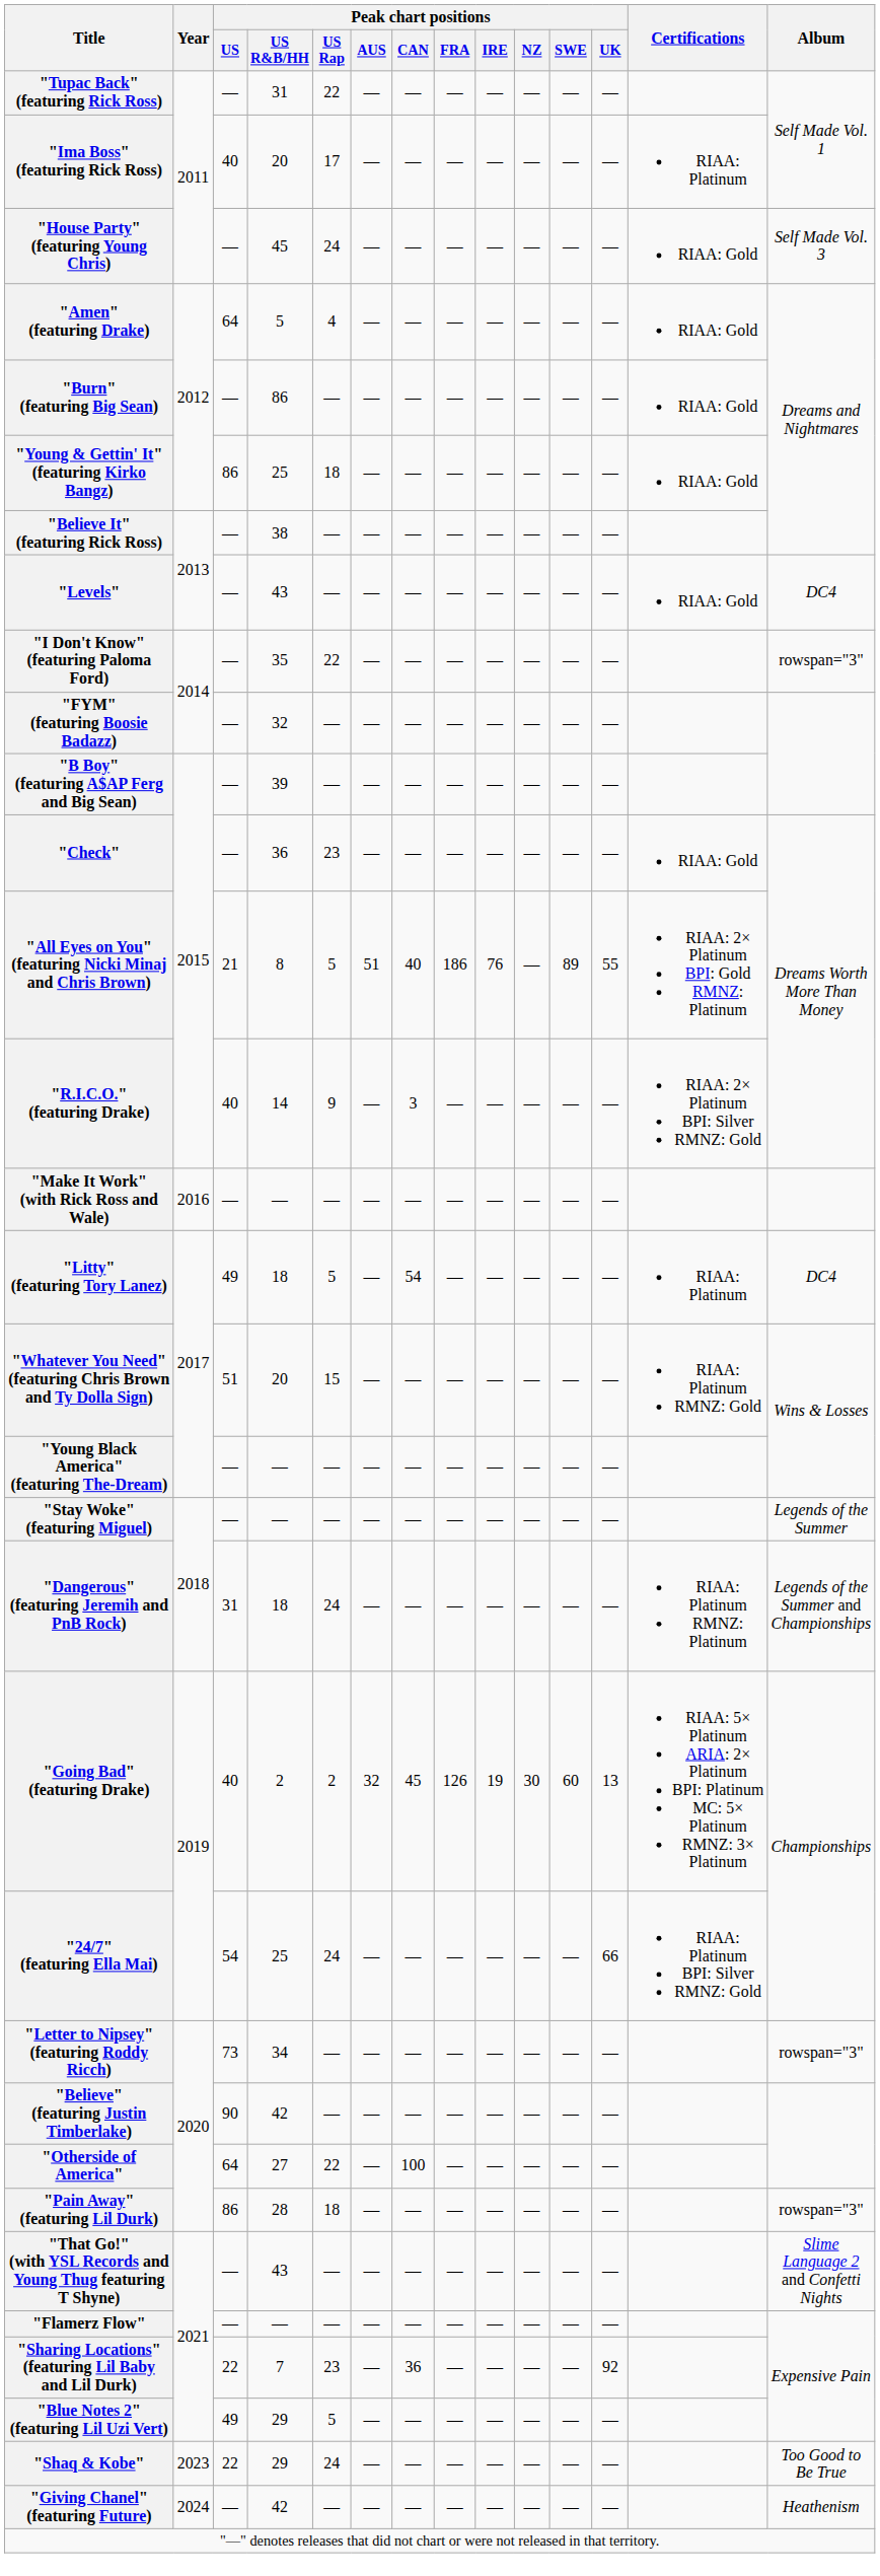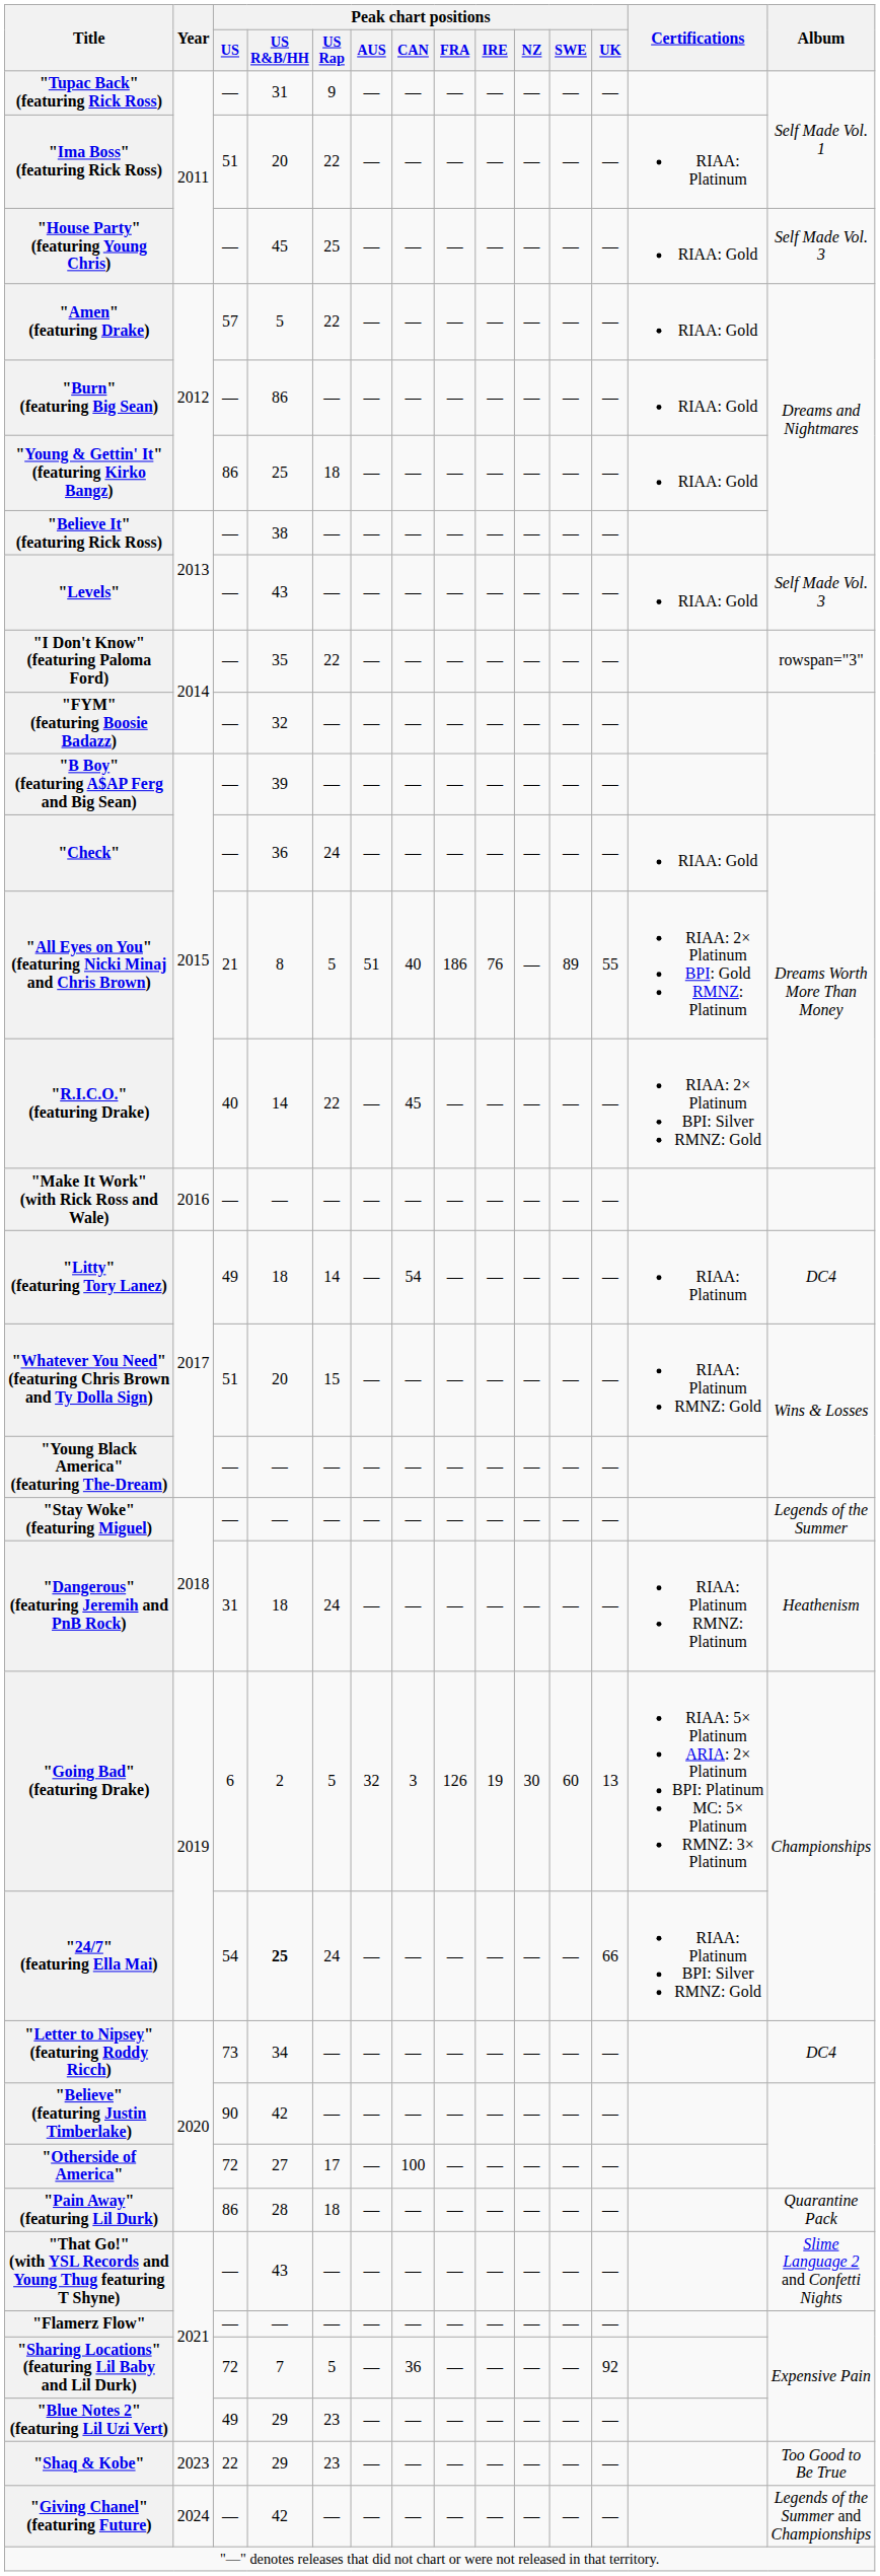 <table class="wikitable plainrowheaders" style="text-align:center;">
 <tr>
 <th scope="col" rowspan="2" style="width:18em;">Title</th>
 <th scope="col" rowspan="2" style="width:1em;">Year</th>
 <th scope="col" colspan="10">Peak chart positions</th>
 <th scope="col" rowspan="2" style="width:12em;"><a href='#'>Certifications</a></th>
 <th scope="col" rowspan="2">Album</th>
 </tr>
 <tr>
 <th scope="col" style="width:3em;font-size:90%;"><a href='#'>US</a><br></th>
 <th scope="col" style="width:3em;font-size:90%;"><a href='#'>US<br>R&B/HH</a><br></th>
 <th scope="col" style="width:3em;font-size:90%;"><a href='#'>US<br>Rap</a><br></th>
 <th scope="col" style="width:3em;font-size:90%;"><a href='#'>AUS</a><br></th>
 <th scope="col" style="width:3em;font-size:90%;"><a href='#'>CAN</a><br></th>
 <th scope="col" style="width:3em;font-size:90%;"><a href='#'>FRA</a><br></th>
 <th scope="col" style="width:3em;font-size:90%;"><a href='#'>IRE</a><br></th>
 <th scope="col" style="width:3em;font-size:90%;"><a href='#'>NZ</a><br></th>
 <th scope="col" style="width:3em;font-size:90%;"><a href='#'>SWE</a><br></th>
 <th scope="col" style="width:3em;font-size:90%;"><a href='#'>UK</a><br></th>
 </tr>
 <tr>
 <th scope="row">"<a href='#'>Tupac Back</a>"<br><span>(featuring <a href='#'>Rick Ross</a>)</span></th>
 <td rowspan="3">2011</td>
 <td>—</td>
 <td>31</td>
-<td>22</td>
+<td>9</td>
 <td>—</td>
 <td>—</td>
 <td>—</td>
 <td>—</td>
 <td>—</td>
 <td>—</td>
 <td>—</td>
 <td></td>
 <td rowspan="2"><em>Self Made Vol. 1</em></td>
 </tr>
 <tr>
 <th scope="row">"<a href='#'>Ima Boss</a>"<br><span>(featuring Rick Ross)</span></th>
-<td>40</td>
+<td>51</td>
 <td>20</td>
-<td>17</td>
+<td>22</td>
 <td>—</td>
 <td>—</td>
 <td>—</td>
 <td>—</td>
 <td>—</td>
 <td>—</td>
 <td>—</td>
 <td><br><ul><li>RIAA: Platinum</li></ul></td>
 </tr>
 <tr>
 <th scope="row">"<a href='#'>House Party</a>"<br><span>(featuring <a href='#'>Young Chris</a>)</span></th>
 <td>—</td>
 <td>45</td>
-<td>24</td>
+<td>25</td>
 <td>—</td>
 <td>—</td>
 <td>—</td>
 <td>—</td>
 <td>—</td>
 <td>—</td>
 <td>—</td>
 <td><br><ul><li>RIAA: Gold</li></ul></td>
 <td><em>Self Made Vol. 3</em></td>
 </tr>
 <tr>
 <th scope="row">"<a href='#'>Amen</a>"<br><span>(featuring <a href='#'>Drake</a>)</span></th>
 <td rowspan="3">2012</td>
-<td>64</td>
+<td>57</td>
 <td>5</td>
-<td>4</td>
+<td>22</td>
 <td>—</td>
 <td>—</td>
 <td>—</td>
 <td>—</td>
 <td>—</td>
 <td>—</td>
 <td>—</td>
 <td><br><ul><li>RIAA: Gold</li></ul></td>
 <td rowspan="4"><em>Dreams and Nightmares</em></td>
 </tr>
 <tr>
 <th scope="row">"<a href='#'>Burn</a>"<br><span>(featuring <a href='#'>Big Sean</a>)</span></th>
 <td>—</td>
 <td>86</td>
 <td>—</td>
 <td>—</td>
 <td>—</td>
 <td>—</td>
 <td>—</td>
 <td>—</td>
 <td>—</td>
 <td>—</td>
 <td><br><ul><li>RIAA: Gold</li></ul></td>
 </tr>
 <tr>
 <th scope="row">"<a href='#'>Young & Gettin' It</a>"<br><span>(featuring <a href='#'>Kirko Bangz</a>)</span></th>
 <td>86</td>
 <td>25</td>
 <td>18</td>
 <td>—</td>
 <td>—</td>
 <td>—</td>
 <td>—</td>
 <td>—</td>
 <td>—</td>
 <td>—</td>
 <td><br><ul><li>RIAA: Gold</li></ul></td>
 </tr>
 <tr>
 <th scope="row">"<a href='#'>Believe It</a>"<br><span>(featuring Rick Ross)</span></th>
 <td rowspan="2">2013</td>
 <td>—</td>
 <td>38</td>
 <td>—</td>
 <td>—</td>
 <td>—</td>
 <td>—</td>
 <td>—</td>
 <td>—</td>
 <td>—</td>
 <td>—</td>
 <td></td>
 </tr>
 <tr>
 <th scope="row">"<a href='#'>Levels</a>"</th>
 <td>—</td>
 <td>43</td>
 <td>—</td>
 <td>—</td>
 <td>—</td>
 <td>—</td>
 <td>—</td>
 <td>—</td>
 <td>—</td>
 <td>—</td>
 <td><br><ul><li>RIAA: Gold</li></ul></td>
-<td><em>DC4</em></td>
+<td><em>Self Made Vol. 3</em></td>
 </tr>
 <tr>
 <th scope="row">"I Don't Know"<br><span>(featuring Paloma Ford)</span></th>
 <td rowspan="2">2014</td>
 <td>—</td>
 <td>35</td>
 <td>22</td>
 <td>—</td>
 <td>—</td>
 <td>—</td>
 <td>—</td>
 <td>—</td>
 <td>—</td>
 <td>—</td>
 <td></td>
 <td>rowspan="3" </td>
 </tr>
 <tr>
 <th scope="row">"FYM"<br><span>(featuring <a href='#'>Boosie Badazz</a>)</span></th>
 <td>—</td>
 <td>32</td>
 <td>—</td>
 <td>—</td>
 <td>—</td>
 <td>—</td>
 <td>—</td>
 <td>—</td>
 <td>—</td>
 <td>—</td>
 <td></td>
 </tr>
 <tr>
 <th scope="row">"<a href='#'>B Boy</a>"<br><span>(featuring <a href='#'>A$AP Ferg</a> and Big Sean)</span></th>
 <td rowspan="4">2015</td>
 <td>—</td>
 <td>39</td>
 <td>—</td>
 <td>—</td>
 <td>—</td>
 <td>—</td>
 <td>—</td>
 <td>—</td>
 <td>—</td>
 <td>—</td>
 <td></td>
 </tr>
 <tr>
 <th scope="row">"<a href='#'>Check</a>"</th>
 <td>—</td>
 <td>36</td>
-<td>23</td>
+<td>24</td>
 <td>—</td>
 <td>—</td>
 <td>—</td>
 <td>—</td>
 <td>—</td>
 <td>—</td>
 <td>—</td>
 <td><br><ul><li>RIAA: Gold</li></ul></td>
 <td rowspan="3"><em>Dreams Worth More Than Money</em></td>
 </tr>
 <tr>
 <th scope="row">"<a href='#'>All Eyes on You</a>"<br><span>(featuring <a href='#'>Nicki Minaj</a> and <a href='#'>Chris Brown</a>)</span></th>
 <td>21</td>
 <td>8</td>
 <td>5</td>
 <td>51</td>
 <td>40</td>
 <td>186</td>
 <td>76</td>
 <td>—</td>
 <td>89</td>
 <td>55</td>
 <td><br><ul><li>RIAA: 2× Platinum</li><li><a href='#'>BPI</a>: Gold</li><li><a href='#'>RMNZ</a>: Platinum</li></ul></td>
 </tr>
 <tr>
 <th scope="row">"<a href='#'>R.I.C.O.</a>"<br><span>(featuring Drake)</span></th>
 <td>40</td>
 <td>14</td>
-<td>9</td>
+<td>22</td>
 <td>—</td>
-<td>3</td>
+<td>45</td>
 <td>—</td>
 <td>—</td>
 <td>—</td>
 <td>—</td>
 <td>—</td>
 <td><br><ul><li>RIAA: 2× Platinum</li><li>BPI: Silver</li><li>RMNZ: Gold</li></ul></td>
 </tr>
 <tr>
 <th scope="row">"Make It Work"<br><span>(with Rick Ross and Wale)</span></th>
 <td>2016</td>
 <td>—</td>
 <td>—</td>
 <td>—</td>
 <td>—</td>
 <td>—</td>
 <td>—</td>
 <td>—</td>
 <td>—</td>
 <td>—</td>
 <td>—</td>
 <td></td>
 <td></td>
 </tr>
 <tr>
 <th scope="row">"<a href='#'>Litty</a>"<br><span>(featuring <a href='#'>Tory Lanez</a>)</span></th>
 <td rowspan="3">2017</td>
 <td>49</td>
 <td>18</td>
-<td>5</td>
+<td>14</td>
 <td>—</td>
 <td>54</td>
 <td>—</td>
 <td>—</td>
 <td>—</td>
 <td>—</td>
 <td>—</td>
 <td><br><ul><li>RIAA: Platinum</li></ul></td>
 <td><em>DC4</em></td>
 </tr>
 <tr>
 <th scope="row">"<a href='#'>Whatever You Need</a>"<br><span>(featuring Chris Brown and <a href='#'>Ty Dolla Sign</a>)</span></th>
 <td>51</td>
 <td>20</td>
 <td>15</td>
 <td>—</td>
 <td>—</td>
 <td>—</td>
 <td>—</td>
 <td>—</td>
 <td>—</td>
 <td>—</td>
 <td><br><ul><li>RIAA: Platinum</li><li>RMNZ: Gold</li></ul></td>
 <td rowspan="2"><em>Wins & Losses</em></td>
 </tr>
 <tr>
 <th scope="row">"Young Black America"<br><span>(featuring <a href='#'>The-Dream</a>)</span></th>
 <td>—</td>
 <td>—</td>
 <td>—</td>
 <td>—</td>
 <td>—</td>
 <td>—</td>
 <td>—</td>
 <td>—</td>
 <td>—</td>
 <td>—</td>
 <td></td>
 </tr>
 <tr>
 <th scope="row">"Stay Woke"<br><span>(featuring <a href='#'>Miguel</a>)</span></th>
 <td rowspan="2">2018</td>
 <td>—</td>
 <td>—</td>
 <td>—</td>
 <td>—</td>
 <td>—</td>
 <td>—</td>
 <td>—</td>
 <td>—</td>
 <td>—</td>
 <td>—</td>
 <td></td>
 <td><em>Legends of the Summer</em></td>
 </tr>
 <tr>
 <th scope="row">"<a href='#'>Dangerous</a>"<br><span>(featuring <a href='#'>Jeremih</a> and <a href='#'>PnB Rock</a>)</span></th>
 <td>31</td>
 <td>18</td>
 <td>24</td>
 <td>—</td>
 <td>—</td>
 <td>—</td>
 <td>—</td>
 <td>—</td>
 <td>—</td>
 <td>—</td>
 <td><br><ul><li>RIAA: Platinum</li><li>RMNZ: Platinum</li></ul></td>
-<td><em>Legends of the Summer</em> and <em>Championships</em></td>
+<td><em>Heathenism</em></td>
 </tr>
 <tr>
 <th scope="row">"<a href='#'>Going Bad</a>"<br><span>(featuring Drake)</span></th>
 <td rowspan="2">2019</td>
-<td>40</td>
+<td>6</td>
 <td>2</td>
-<td>2</td>
+<td>5</td>
 <td>32</td>
-<td>45</td>
+<td>3</td>
 <td>126</td>
 <td>19</td>
 <td>30</td>
 <td>60</td>
 <td>13</td>
 <td><br><ul><li>RIAA: 5× Platinum</li><li><a href='#'>ARIA</a>: 2× Platinum</li><li>BPI: Platinum</li><li>MC: 5× Platinum</li><li>RMNZ: 3× Platinum</li></ul></td>
 <td rowspan="2"><em>Championships</em></td>
 </tr>
 <tr>
 <th scope="row">"<a href='#'>24/7</a>"<br><span>(featuring <a href='#'>Ella Mai</a>)</span></th>
 <td>54</td>
-<td>25</td>
+<td><strong>25</strong></td>
 <td>24</td>
 <td>—</td>
 <td>—</td>
 <td>—</td>
 <td>—</td>
 <td>—</td>
 <td>—</td>
 <td>66</td>
 <td><br><ul><li>RIAA: Platinum</li><li>BPI: Silver</li><li>RMNZ: Gold</li></ul></td>
 </tr>
 <tr>
 <th scope="row">"<a href='#'>Letter to Nipsey</a>"<br><span>(featuring <a href='#'>Roddy Ricch</a>)</span></th>
 <td rowspan="4">2020</td>
 <td>73</td>
 <td>34</td>
 <td>—</td>
 <td>—</td>
 <td>—</td>
 <td>—</td>
 <td>—</td>
 <td>—</td>
 <td>—</td>
 <td>—</td>
 <td></td>
-<td>rowspan="3" </td>
+<td><em>DC4</em></td>
 </tr>
 <tr>
 <th scope="row">"<a href='#'>Believe</a>"<br><span>(featuring <a href='#'>Justin Timberlake</a>)</span></th>
 <td>90</td>
 <td>42</td>
 <td>—</td>
 <td>—</td>
 <td>—</td>
 <td>—</td>
 <td>—</td>
 <td>—</td>
 <td>—</td>
 <td>—</td>
 <td></td>
 </tr>
 <tr>
 <th scope="row">"<a href='#'>Otherside of America</a>"</th>
-<td>64</td>
+<td>72</td>
 <td>27</td>
-<td>22</td>
+<td>17</td>
 <td>—</td>
 <td>100</td>
 <td>—</td>
 <td>—</td>
 <td>—</td>
 <td>—</td>
 <td>—</td>
 <td></td>
 </tr>
 <tr>
 <th scope="row">"<a href='#'>Pain Away</a>"<br><span>(featuring <a href='#'>Lil Durk</a>)</span></th>
 <td>86</td>
 <td>28</td>
 <td>18</td>
 <td>—</td>
 <td>—</td>
 <td>—</td>
 <td>—</td>
 <td>—</td>
 <td>—</td>
 <td>—</td>
 <td></td>
-<td>rowspan="3" </td>
+<td><em>Quarantine Pack</em></td>
 </tr>
 <tr>
 <th scope="row">"That Go!"<br><span>(with <a href='#'>YSL Records</a> and <a href='#'>Young Thug</a> featuring T Shyne)</span></th>
 <td rowspan="4">2021</td>
 <td>—</td>
 <td>43</td>
 <td>—</td>
 <td>—</td>
 <td>—</td>
 <td>—</td>
 <td>—</td>
 <td>—</td>
 <td>—</td>
 <td>—</td>
 <td></td>
 <td><em><a href='#'>Slime Language 2</a></em> and <em>Confetti Nights</em></td>
 </tr>
 <tr>
 <th scope="row">"Flamerz Flow"</th>
 <td>—</td>
 <td>—</td>
 <td>—</td>
 <td>—</td>
 <td>—</td>
 <td>—</td>
 <td>—</td>
 <td>—</td>
 <td>—</td>
 <td>—</td>
 <td></td>
 <td rowspan="3"><em>Expensive Pain</em></td>
 </tr>
 <tr>
 <th scope="row">"<a href='#'>Sharing Locations</a>"<br><span>(featuring <a href='#'>Lil Baby</a> and Lil Durk)</span></th>
-<td>22</td>
+<td>72</td>
 <td>7</td>
-<td>23</td>
+<td>5</td>
 <td>—</td>
 <td>36</td>
 <td>—</td>
 <td>—</td>
 <td>—</td>
 <td>—</td>
 <td>92</td>
 <td></td>
 </tr>
 <tr>
 <th scope="row">"<a href='#'>Blue Notes 2</a>"<br><span>(featuring <a href='#'>Lil Uzi Vert</a>)</span></th>
 <td>49</td>
 <td>29</td>
-<td>5</td>
+<td>23</td>
 <td>—</td>
 <td>—</td>
 <td>—</td>
 <td>—</td>
 <td>—</td>
 <td>—</td>
 <td>—</td>
 <td></td>
 </tr>
 <tr>
 <th scope="row">"<a href='#'>Shaq & Kobe</a>"<br></th>
 <td>2023</td>
 <td>22</td>
 <td>29</td>
-<td>24</td>
+<td>23</td>
 <td>—</td>
 <td>—</td>
 <td>—</td>
 <td>—</td>
 <td>—</td>
 <td>—</td>
 <td>—</td>
 <td></td>
 <td><em>Too Good to Be True</em></td>
 </tr>
 <tr>
 <th scope="row">"<a href='#'>Giving Chanel</a>"<br><span>(featuring <a href='#'>Future</a>)</span></th>
 <td>2024</td>
 <td>—</td>
 <td>42</td>
 <td>—</td>
 <td>—</td>
 <td>—</td>
 <td>—</td>
 <td>—</td>
 <td>—</td>
 <td>—</td>
 <td>—</td>
 <td></td>
-<td><em>Heathenism</em></td>
+<td><em>Legends of the Summer</em> and <em>Championships</em></td>
 </tr>
 <tr>
 <td colspan="14" style="font-size:90%">"—" denotes releases that did not chart or were not released in that territory.</td>
 </tr>
 </table>
